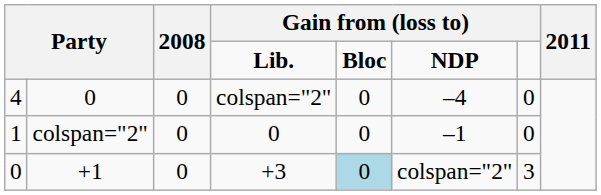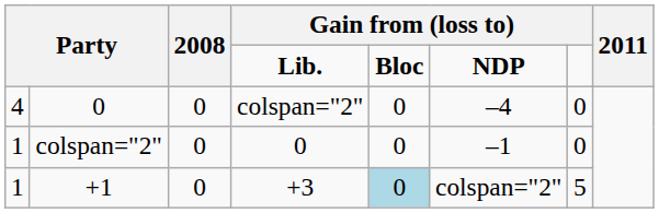 <table class="wikitable"  style="text-align:center;">
 <tr>
 <th rowspan="2" colspan="2">Party</th>
 <th rowspan="2">2008</th>
 <th colspan="6">Gain from (loss to)</th>
 <th rowspan="2">2011</th>
 </tr>
 <tr>
 <td><strong>Lib.</strong></td>
 <td><strong>Bloc</strong></td>
 <td><strong>NDP</strong></td>
 </tr>
 <tr>
 <td>4</td>
 <td>0</td>
 <td>0</td>
 <td>colspan="2" </td>
 <td>0</td>
 <td>–4</td>
 <td>0</td>
 </tr>
 <tr>
 <td>1</td>
 <td>colspan="2" </td>
 <td>0</td>
 <td>0</td>
 <td>0</td>
 <td>–1</td>
 <td>0</td>
 </tr>
 <tr>
-<td>0</td>
+<td>1</td>
 <td>+1</td>
 <td>0</td>
 <td>+3</td>
 <td style="background: lightblue;">0</td>
 <td>colspan="2" </td>
-<td>3</td>
+<td>5</td>
 </tr>
 </table>
